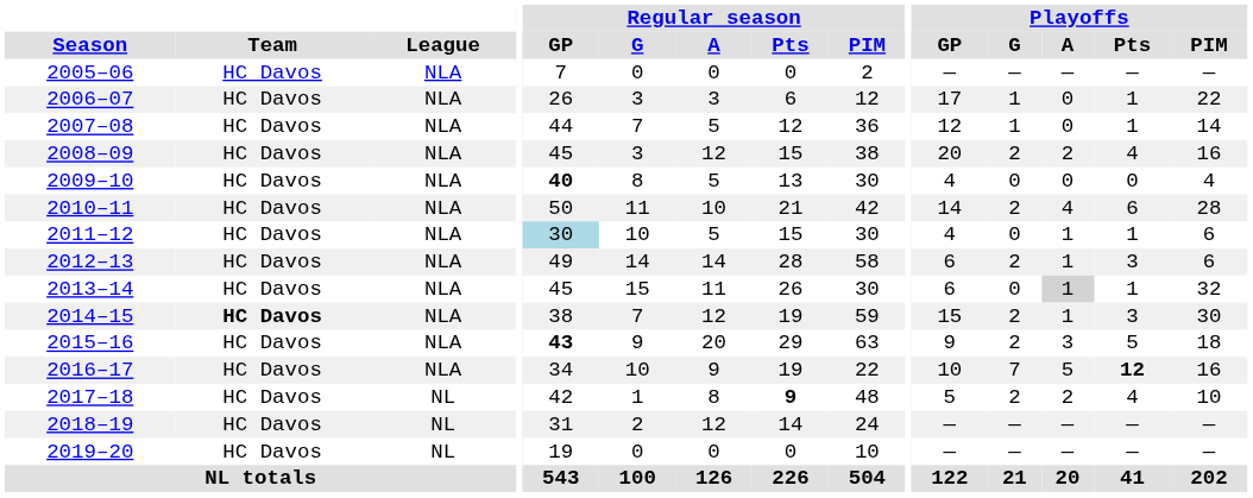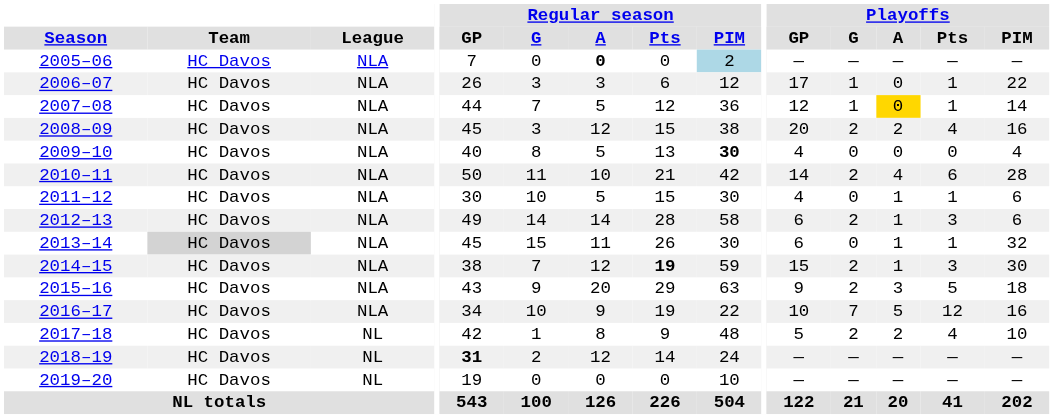 <table border="0" cellpadding="1" cellspacing="0" style="text-align:center; width:60em">
 <tr bgcolor="#e0e0e0">
 <th colspan="3" bgcolor="#ffffff"></th>
 <th rowspan="99" bgcolor="#ffffff"></th>
 <th colspan="5"><a href='#'>Regular season</a></th>
 <th rowspan="99" bgcolor="#ffffff"></th>
 <th colspan="5"><a href='#'>Playoffs</a></th>
 </tr>
 <tr bgcolor="#e0e0e0">
 <th><a href='#'>Season</a></th>
 <th>Team</th>
 <th>League</th>
 <th>GP</th>
 <th><a href='#'>G</a></th>
 <th><a href='#'>A</a></th>
 <th><a href='#'>Pts</a></th>
 <th><a href='#'>PIM</a></th>
 <th>GP</th>
 <th>G</th>
 <th>A</th>
 <th>Pts</th>
 <th>PIM</th>
 </tr>
 <tr>
 <td><a href='#'>2005–06</a></td>
 <td><a href='#'>HC Davos</a></td>
 <td><a href='#'>NLA</a></td>
 <td>7</td>
 <td>0</td>
+<td><strong>0</strong></td>
 <td>0</td>
-<td>0</td>
-<td>2</td>
+<td style="background: lightblue;">2</td>
 <td>—</td>
 <td>—</td>
 <td>—</td>
 <td>—</td>
 <td>—</td>
 </tr>
 <tr bgcolor="#f0f0f0">
 <td><a href='#'>2006–07</a></td>
 <td>HC Davos</td>
 <td>NLA</td>
 <td>26</td>
 <td>3</td>
 <td>3</td>
 <td>6</td>
 <td>12</td>
 <td>17</td>
 <td>1</td>
 <td>0</td>
 <td>1</td>
 <td>22</td>
 </tr>
 <tr>
 <td><a href='#'>2007–08</a></td>
 <td>HC Davos</td>
 <td>NLA</td>
 <td>44</td>
 <td>7</td>
 <td>5</td>
 <td>12</td>
 <td>36</td>
 <td>12</td>
 <td>1</td>
-<td>0</td>
+<td style="background: gold;">0</td>
 <td>1</td>
 <td>14</td>
 </tr>
 <tr bgcolor="#f0f0f0">
 <td><a href='#'>2008–09</a></td>
 <td>HC Davos</td>
 <td>NLA</td>
 <td>45</td>
 <td>3</td>
 <td>12</td>
 <td>15</td>
 <td>38</td>
 <td>20</td>
 <td>2</td>
 <td>2</td>
 <td>4</td>
 <td>16</td>
 </tr>
 <tr>
 <td><a href='#'>2009–10</a></td>
 <td>HC Davos</td>
 <td>NLA</td>
-<td><strong>40</strong></td>
+<td>40</td>
 <td>8</td>
 <td>5</td>
 <td>13</td>
-<td>30</td>
+<td><strong>30</strong></td>
 <td>4</td>
 <td>0</td>
 <td>0</td>
 <td>0</td>
 <td>4</td>
 </tr>
 <tr bgcolor="#f0f0f0">
 <td><a href='#'>2010–11</a></td>
 <td>HC Davos</td>
 <td>NLA</td>
 <td>50</td>
 <td>11</td>
 <td>10</td>
 <td>21</td>
 <td>42</td>
 <td>14</td>
 <td>2</td>
 <td>4</td>
 <td>6</td>
 <td>28</td>
 </tr>
 <tr>
 <td><a href='#'>2011–12</a></td>
 <td>HC Davos</td>
 <td>NLA</td>
-<td style="background: lightblue;">30</td>
+<td>30</td>
 <td>10</td>
 <td>5</td>
 <td>15</td>
 <td>30</td>
 <td>4</td>
 <td>0</td>
 <td>1</td>
 <td>1</td>
 <td>6</td>
 </tr>
 <tr bgcolor="#f0f0f0">
 <td><a href='#'>2012–13</a></td>
 <td>HC Davos</td>
 <td>NLA</td>
 <td>49</td>
 <td>14</td>
 <td>14</td>
 <td>28</td>
 <td>58</td>
 <td>6</td>
 <td>2</td>
 <td>1</td>
 <td>3</td>
 <td>6</td>
 </tr>
 <tr>
 <td><a href='#'>2013–14</a></td>
-<td>HC Davos</td>
+<td style="background: lightgrey;">HC Davos</td>
 <td>NLA</td>
 <td>45</td>
 <td>15</td>
 <td>11</td>
 <td>26</td>
 <td>30</td>
 <td>6</td>
 <td>0</td>
-<td style="background: lightgrey;">1</td>
+<td>1</td>
 <td>1</td>
 <td>32</td>
 </tr>
 <tr bgcolor="#f0f0f0">
 <td><a href='#'>2014–15</a></td>
-<td><strong>HC Davos</strong></td>
+<td>HC Davos</td>
 <td>NLA</td>
 <td>38</td>
 <td>7</td>
 <td>12</td>
-<td>19</td>
+<td><strong>19</strong></td>
 <td>59</td>
 <td>15</td>
 <td>2</td>
 <td>1</td>
 <td>3</td>
 <td>30</td>
 </tr>
 <tr>
 <td><a href='#'>2015–16</a></td>
 <td>HC Davos</td>
 <td>NLA</td>
-<td><strong>43</strong></td>
+<td>43</td>
 <td>9</td>
 <td>20</td>
 <td>29</td>
 <td>63</td>
 <td>9</td>
 <td>2</td>
 <td>3</td>
 <td>5</td>
 <td>18</td>
 </tr>
 <tr bgcolor="#f0f0f0">
 <td><a href='#'>2016–17</a></td>
 <td>HC Davos</td>
 <td>NLA</td>
 <td>34</td>
 <td>10</td>
 <td>9</td>
 <td>19</td>
 <td>22</td>
 <td>10</td>
 <td>7</td>
 <td>5</td>
-<td><strong>12</strong></td>
+<td>12</td>
 <td>16</td>
 </tr>
 <tr>
 <td><a href='#'>2017–18</a></td>
 <td>HC Davos</td>
 <td>NL</td>
 <td>42</td>
 <td>1</td>
 <td>8</td>
-<td><strong>9</strong></td>
+<td>9</td>
 <td>48</td>
 <td>5</td>
 <td>2</td>
 <td>2</td>
 <td>4</td>
 <td>10</td>
 </tr>
 <tr bgcolor="#f0f0f0">
 <td><a href='#'>2018–19</a></td>
 <td>HC Davos</td>
 <td>NL</td>
-<td>31</td>
+<td><strong>31</strong></td>
 <td>2</td>
 <td>12</td>
 <td>14</td>
 <td>24</td>
 <td>—</td>
 <td>—</td>
 <td>—</td>
 <td>—</td>
 <td>—</td>
 </tr>
 <tr>
 <td><a href='#'>2019–20</a></td>
 <td>HC Davos</td>
 <td>NL</td>
 <td>19</td>
 <td>0</td>
 <td>0</td>
 <td>0</td>
 <td>10</td>
 <td>—</td>
 <td>—</td>
 <td>—</td>
 <td>—</td>
 <td>—</td>
 </tr>
 <tr bgcolor="#e0e0e0">
 <th colspan="3">NL totals</th>
 <th>543</th>
 <th>100</th>
 <th>126</th>
 <th>226</th>
 <th>504</th>
 <th>122</th>
 <th>21</th>
 <th>20</th>
 <th>41</th>
 <th>202</th>
 </tr>
 </table>
